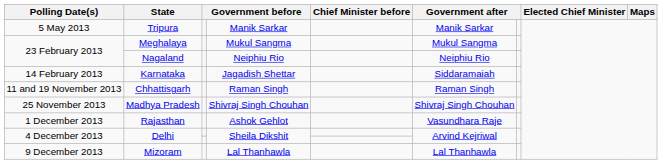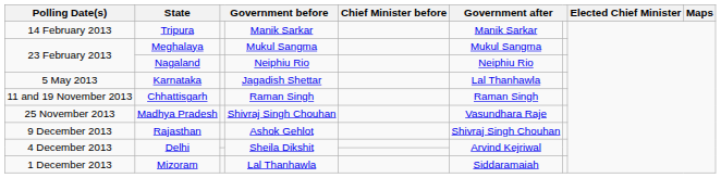 <table class="wikitable sortable">
 <tr>
 <th>Polling Date(s)</th>
 <th>State</th>
 <th colspan="2">Government before</th>
 <th>Chief Minister before</th>
 <th colspan="2">Government after</th>
 <th>Elected Chief Minister</th>
 <th>Maps</th>
 </tr>
 <tr style="text-align:center;">
-<td>5 May 2013</td>
+<td>14 February 2013</td>
 <td><a href='#'>Tripura</a></td>
 <td></td>
 <td><a href='#'>Manik Sarkar</a></td>
 <td></td>
 <td><a href='#'>Manik Sarkar</a></td>
 <td></td>
 </tr>
 <tr style="text-align:center;">
 <td rowspan="2">23 February 2013</td>
 <td><a href='#'>Meghalaya</a></td>
 <td></td>
 <td><a href='#'>Mukul Sangma</a></td>
 <td></td>
 <td><a href='#'>Mukul Sangma</a></td>
 <td></td>
 </tr>
 <tr style="text-align:center;">
 <td><a href='#'>Nagaland</a></td>
 <td></td>
 <td><a href='#'>Neiphiu Rio</a></td>
 <td></td>
 <td><a href='#'>Neiphiu Rio</a></td>
 <td></td>
 </tr>
 <tr style="text-align:center;">
-<td>14 February 2013</td>
+<td>5 May 2013</td>
 <td><a href='#'>Karnataka</a></td>
 <td></td>
 <td><a href='#'>Jagadish Shettar</a></td>
 <td></td>
-<td><a href='#'>Siddaramaiah</a></td>
+<td><a href='#'>Lal Thanhawla</a></td>
 <td></td>
 </tr>
 <tr style="text-align:center;">
 <td>11 and 19 November 2013</td>
 <td><a href='#'>Chhattisgarh</a></td>
 <td></td>
 <td><a href='#'>Raman Singh</a></td>
 <td></td>
 <td><a href='#'>Raman Singh</a></td>
 <td></td>
 </tr>
 <tr style="text-align:center;">
 <td>25 November 2013</td>
 <td><a href='#'>Madhya Pradesh</a></td>
 <td></td>
 <td><a href='#'>Shivraj Singh Chouhan</a></td>
 <td></td>
-<td><a href='#'>Shivraj Singh Chouhan</a></td>
+<td><a href='#'>Vasundhara Raje</a></td>
 <td></td>
 </tr>
 <tr style="text-align:center;">
-<td>1 December 2013</td>
+<td>9 December 2013</td>
 <td><a href='#'>Rajasthan</a></td>
 <td></td>
 <td><a href='#'>Ashok Gehlot</a></td>
 <td></td>
-<td><a href='#'>Vasundhara Raje</a></td>
+<td><a href='#'>Shivraj Singh Chouhan</a></td>
 <td></td>
 </tr>
 <tr style="text-align:center;">
 <td rowspan="2">4 December 2013</td>
 <td rowspan="2"><a href='#'>Delhi</a></td>
 <td></td>
 <td rowspan="2"><a href='#'>Sheila Dikshit</a></td>
 <td></td>
 <td rowspan="2"><a href='#'>Arvind Kejriwal</a></td>
 <td rowspan="2"></td>
 </tr>
 <tr style="text-align:center;">
 <td></td>
 </tr>
 <tr style="text-align:center;">
-<td>9 December 2013</td>
+<td>1 December 2013</td>
 <td><a href='#'>Mizoram</a></td>
 <td></td>
 <td><a href='#'>Lal Thanhawla</a></td>
 <td></td>
-<td><a href='#'>Lal Thanhawla</a></td>
+<td><a href='#'>Siddaramaiah</a></td>
 <td></td>
 </tr>
 </table>
